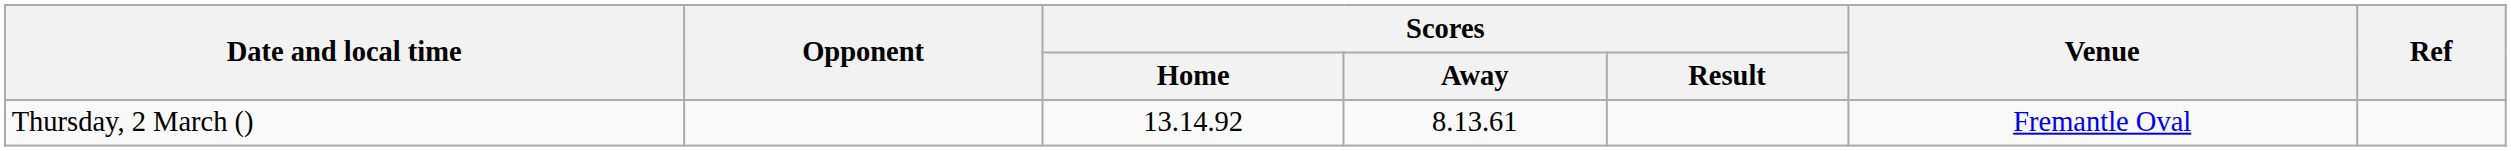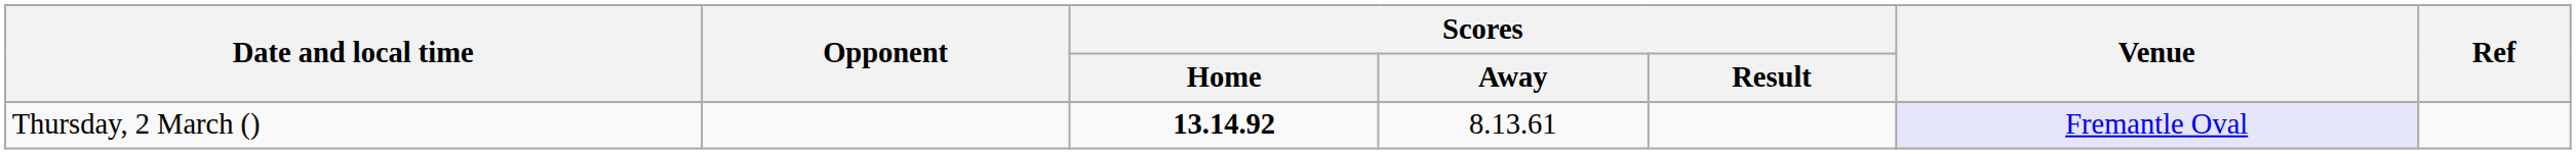 <table class="wikitable plainrowheaders" style="font-size:90%; width:100%; text-align:center;">
 <tr>
 <th rowspan="2" scope="col">Date and local time</th>
 <th rowspan="2" scope="col">Opponent</th>
 <th colspan="3" scope="col">Scores</th>
 <th rowspan="2" scope="col">Venue</th>
 <th rowspan="2" scope="col">Ref</th>
 </tr>
 <tr>
 <th scope="col">Home</th>
 <th scope="col">Away</th>
 <th scope="col">Result</th>
 </tr>
 <tr>
 <td align="left">Thursday, 2 March ()</td>
 <td align="left"></td>
-<td>13.14.92</td>
+<td><strong>13.14.92</strong></td>
 <td>8.13.61</td>
 <td></td>
-<td><a href='#'>Fremantle Oval</a></td>
+<td style="background: lavender;"><a href='#'>Fremantle Oval</a></td>
 <td></td>
 </tr>
 </table>
